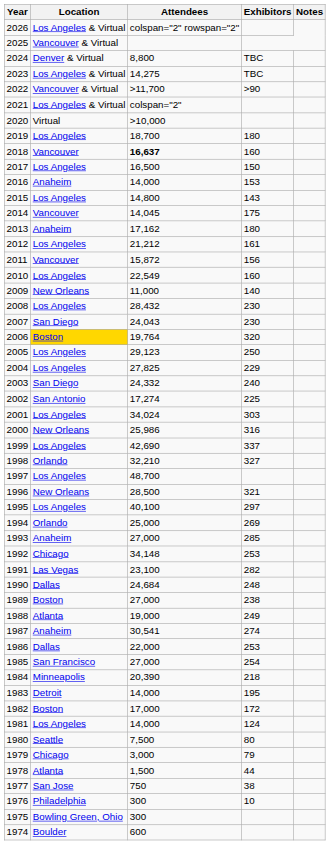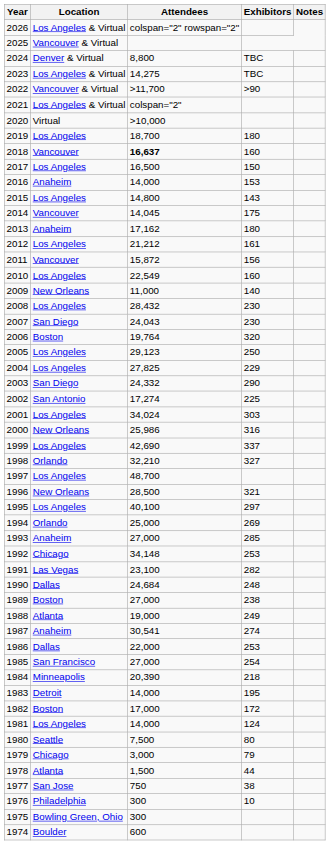 <table class="wikitable sortable">
 <tr>
 <th>Year</th>
 <th>Location</th>
 <th>Attendees</th>
 <th>Exhibitors</th>
 <th>Notes</th>
 </tr>
 <tr>
 <td>2026</td>
 <td><a href='#'>Los Angeles</a> & Virtual</td>
 <td>colspan="2" rowspan="2" </td>
 <td></td>
 </tr>
 <tr>
 <td>2025</td>
 <td><a href='#'>Vancouver</a> & Virtual</td>
 <td></td>
 </tr>
 <tr>
 <td>2024</td>
 <td><a href='#'>Denver</a> & Virtual </td>
 <td>8,800</td>
 <td>TBC</td>
 <td></td>
 </tr>
 <tr>
 <td>2023</td>
 <td><a href='#'>Los Angeles</a> & Virtual</td>
 <td>14,275</td>
 <td>TBC</td>
 <td></td>
 </tr>
 <tr>
 <td>2022</td>
 <td><a href='#'>Vancouver</a> & Virtual</td>
 <td>>11,700</td>
 <td>>90</td>
 <td></td>
 </tr>
 <tr>
 <td>2021</td>
 <td><a href='#'>Los Angeles</a> & Virtual</td>
 <td>colspan="2" </td>
 <td></td>
 </tr>
 <tr>
 <td>2020</td>
 <td>Virtual</td>
 <td>>10,000</td>
 <td></td>
 <td></td>
 </tr>
 <tr>
 <td>2019</td>
 <td><a href='#'>Los Angeles</a></td>
 <td>18,700</td>
 <td>180</td>
 <td></td>
 </tr>
 <tr>
 <td>2018</td>
 <td><a href='#'>Vancouver</a></td>
 <td><strong>16,637</strong></td>
 <td>160</td>
 <td></td>
 </tr>
 <tr>
 <td>2017</td>
 <td><a href='#'>Los Angeles</a></td>
 <td>16,500</td>
 <td>150</td>
 <td></td>
 </tr>
 <tr>
 <td>2016</td>
 <td><a href='#'>Anaheim</a></td>
 <td>14,000</td>
 <td>153</td>
 <td></td>
 </tr>
 <tr>
 <td>2015</td>
 <td><a href='#'>Los Angeles</a></td>
 <td>14,800</td>
 <td>143</td>
 <td></td>
 </tr>
 <tr>
 <td>2014</td>
 <td><a href='#'>Vancouver</a></td>
 <td>14,045</td>
 <td>175</td>
 <td></td>
 </tr>
 <tr>
 <td>2013</td>
 <td><a href='#'>Anaheim</a></td>
 <td>17,162</td>
 <td>180</td>
 <td></td>
 </tr>
 <tr>
 <td>2012</td>
 <td><a href='#'>Los Angeles</a></td>
 <td>21,212</td>
 <td>161</td>
 <td></td>
 </tr>
 <tr>
 <td>2011</td>
 <td><a href='#'>Vancouver</a></td>
 <td>15,872</td>
 <td>156</td>
 <td></td>
 </tr>
 <tr>
 <td>2010</td>
 <td><a href='#'>Los Angeles</a></td>
 <td>22,549</td>
 <td>160</td>
 <td></td>
 </tr>
 <tr>
 <td>2009</td>
 <td><a href='#'>New Orleans</a></td>
 <td>11,000</td>
 <td>140</td>
 <td></td>
 </tr>
 <tr>
 <td>2008</td>
 <td><a href='#'>Los Angeles</a></td>
 <td>28,432</td>
 <td>230</td>
 <td></td>
 </tr>
 <tr>
 <td>2007</td>
 <td><a href='#'>San Diego</a></td>
 <td>24,043</td>
 <td>230</td>
 <td></td>
 </tr>
 <tr>
 <td>2006</td>
-<td style="background: gold;"><a href='#'>Boston</a></td>
+<td><a href='#'>Boston</a></td>
 <td>19,764</td>
 <td>320</td>
 <td></td>
 </tr>
 <tr>
 <td>2005</td>
 <td><a href='#'>Los Angeles</a></td>
 <td>29,123</td>
 <td>250</td>
 <td></td>
 </tr>
 <tr>
 <td>2004</td>
 <td><a href='#'>Los Angeles</a></td>
 <td>27,825</td>
 <td>229</td>
 <td></td>
 </tr>
 <tr>
 <td>2003</td>
 <td><a href='#'>San Diego</a></td>
 <td>24,332</td>
-<td>240</td>
+<td>290</td>
 <td></td>
 </tr>
 <tr>
 <td>2002</td>
 <td><a href='#'>San Antonio</a></td>
 <td>17,274</td>
 <td>225</td>
 <td></td>
 </tr>
 <tr>
 <td>2001</td>
 <td><a href='#'>Los Angeles</a></td>
 <td>34,024</td>
 <td>303</td>
 <td></td>
 </tr>
 <tr>
 <td>2000</td>
 <td><a href='#'>New Orleans</a></td>
 <td>25,986</td>
 <td>316</td>
 <td></td>
 </tr>
 <tr>
 <td>1999</td>
 <td><a href='#'>Los Angeles</a></td>
 <td>42,690</td>
 <td>337</td>
 <td></td>
 </tr>
 <tr>
 <td>1998</td>
 <td><a href='#'>Orlando</a></td>
 <td>32,210</td>
 <td>327</td>
 <td></td>
 </tr>
 <tr>
 <td>1997</td>
 <td><a href='#'>Los Angeles</a></td>
 <td>48,700</td>
 <td></td>
 <td></td>
 </tr>
 <tr>
 <td>1996</td>
 <td><a href='#'>New Orleans</a></td>
 <td>28,500</td>
 <td>321</td>
 <td></td>
 </tr>
 <tr>
 <td>1995</td>
 <td><a href='#'>Los Angeles</a></td>
 <td>40,100</td>
 <td>297</td>
 <td></td>
 </tr>
 <tr>
 <td>1994</td>
 <td><a href='#'>Orlando</a></td>
 <td>25,000</td>
 <td>269</td>
 <td></td>
 </tr>
 <tr>
 <td>1993</td>
 <td><a href='#'>Anaheim</a></td>
 <td>27,000</td>
 <td>285</td>
 <td></td>
 </tr>
 <tr>
 <td>1992</td>
 <td><a href='#'>Chicago</a></td>
 <td>34,148</td>
 <td>253</td>
 <td></td>
 </tr>
 <tr>
 <td>1991</td>
 <td><a href='#'>Las Vegas</a></td>
 <td>23,100</td>
 <td>282</td>
 <td></td>
 </tr>
 <tr>
 <td>1990</td>
 <td><a href='#'>Dallas</a></td>
 <td>24,684</td>
 <td>248</td>
 <td></td>
 </tr>
 <tr>
 <td>1989</td>
 <td><a href='#'>Boston</a></td>
 <td>27,000</td>
 <td>238</td>
 <td></td>
 </tr>
 <tr>
 <td>1988</td>
 <td><a href='#'>Atlanta</a></td>
 <td>19,000</td>
 <td>249</td>
 <td></td>
 </tr>
 <tr>
 <td>1987</td>
 <td><a href='#'>Anaheim</a></td>
 <td>30,541</td>
 <td>274</td>
 <td></td>
 </tr>
 <tr>
 <td>1986</td>
 <td><a href='#'>Dallas</a></td>
 <td>22,000</td>
 <td>253</td>
 <td></td>
 </tr>
 <tr>
 <td>1985</td>
 <td><a href='#'>San Francisco</a></td>
 <td>27,000</td>
 <td>254</td>
 <td></td>
 </tr>
 <tr>
 <td>1984</td>
 <td><a href='#'>Minneapolis</a></td>
 <td>20,390</td>
 <td>218</td>
 <td></td>
 </tr>
 <tr>
 <td>1983</td>
 <td><a href='#'>Detroit</a></td>
 <td>14,000</td>
 <td>195</td>
 <td></td>
 </tr>
 <tr>
 <td>1982</td>
 <td><a href='#'>Boston</a></td>
 <td>17,000</td>
 <td>172</td>
 <td></td>
 </tr>
 <tr>
 <td>1981</td>
 <td><a href='#'>Los Angeles</a></td>
 <td>14,000</td>
 <td>124</td>
 <td></td>
 </tr>
 <tr>
 <td>1980</td>
 <td><a href='#'>Seattle</a></td>
 <td>7,500</td>
 <td>80</td>
 <td></td>
 </tr>
 <tr>
 <td>1979</td>
 <td><a href='#'>Chicago</a></td>
 <td>3,000</td>
 <td>79</td>
 <td></td>
 </tr>
 <tr>
 <td>1978</td>
 <td><a href='#'>Atlanta</a></td>
 <td>1,500</td>
 <td>44</td>
 <td></td>
 </tr>
 <tr>
 <td>1977</td>
 <td><a href='#'>San Jose</a></td>
 <td>750</td>
 <td>38</td>
 <td></td>
 </tr>
 <tr>
 <td>1976</td>
 <td><a href='#'>Philadelphia</a></td>
 <td>300</td>
 <td>10</td>
 <td></td>
 </tr>
 <tr>
 <td>1975</td>
 <td><a href='#'>Bowling Green, Ohio</a></td>
 <td>300</td>
 <td></td>
 <td></td>
 </tr>
 <tr>
 <td>1974</td>
 <td><a href='#'>Boulder</a></td>
 <td>600</td>
 <td></td>
 <td></td>
 </tr>
 </table>
